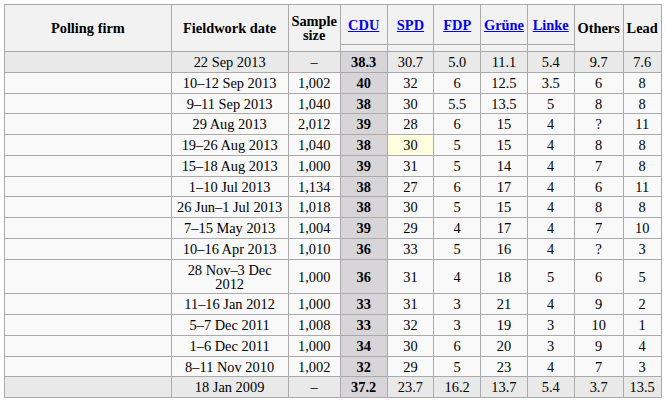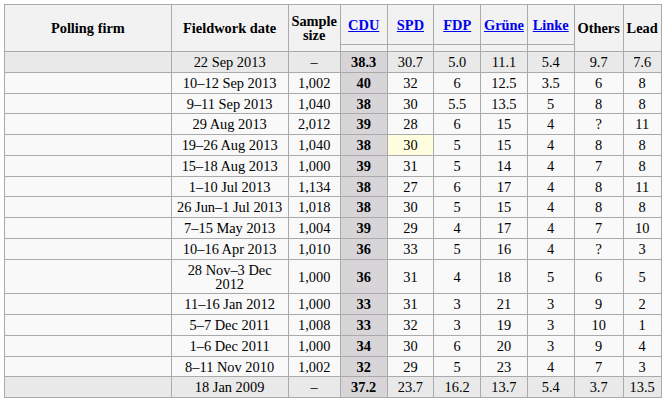 <table class="wikitable sortable" style="text-align:center;font-size:90%;line-height:14px;">
 <tr style="height:40px;">
 <th style="width:160px;" rowspan="2">Polling firm</th>
 <th style="width:110px;" rowspan="2">Fieldwork date</th>
 <th style="width:35px;" rowspan="2">Sample<br>size</th>
 <th class="unsortable" style="width:40px;"><a href='#'>CDU</a></th>
 <th class="unsortable" style="width:40px;"><a href='#'>SPD</a></th>
 <th class="unsortable" style="width:40px;"><a href='#'>FDP</a></th>
 <th class="unsortable" style="width:40px;"><a href='#'>Grüne</a></th>
 <th class="unsortable" style="width:40px;"><a href='#'>Linke</a></th>
 <th class="unsortable" style="width:40px;" rowspan="2">Others</th>
 <th style="width:30px;" rowspan="2">Lead</th>
 </tr>
 <tr>
 <th style="background:"></th>
 <th style="background:"></th>
 <th style="background:"></th>
 <th style="background:"></th>
 <th style="background:"></th>
 </tr>
 <tr style="background:#E9E9E9;">
 <td></td>
 <td data-sort-value="2013-09-22">22 Sep 2013</td>
 <td>–</td>
 <td style="background:#D7D5D7;"><strong>38.3</strong></td>
 <td>30.7</td>
 <td>5.0</td>
 <td>11.1</td>
 <td>5.4</td>
 <td>9.7</td>
 <td style="background:">7.6</td>
 </tr>
 <tr>
 <td></td>
 <td data-sort-value="2013-09-12">10–12 Sep 2013</td>
 <td>1,002</td>
 <td style="background:#D7D5D7;"><strong>40</strong></td>
 <td>32</td>
 <td>6</td>
 <td>12.5</td>
 <td>3.5</td>
 <td>6</td>
 <td style="background:">8</td>
 </tr>
 <tr>
 <td></td>
 <td data-sort-value="2013-09-12">9–11 Sep 2013</td>
 <td>1,040</td>
 <td style="background:#D7D5D7;"><strong>38</strong></td>
 <td>30</td>
 <td>5.5</td>
 <td>13.5</td>
 <td>5</td>
 <td>8</td>
 <td style="background:">8</td>
 </tr>
 <tr>
 <td></td>
 <td data-sort-value="2013-09-03">29 Aug 2013</td>
 <td>2,012</td>
 <td style="background:#D7D5D7;"><strong>39</strong></td>
 <td>28</td>
 <td>6</td>
 <td>15</td>
 <td>4</td>
 <td>?</td>
 <td style="background:">11</td>
 </tr>
 <tr>
 <td></td>
 <td data-sort-value="2013-08-28">19–26 Aug 2013</td>
 <td>1,040</td>
 <td style="background:#D7D5D7;"><strong>38</strong></td>
 <td style="background: lightyellow;">30</td>
 <td>5</td>
 <td>15</td>
 <td>4</td>
 <td>8</td>
 <td style="background:">8</td>
 </tr>
 <tr>
 <td></td>
 <td data-sort-value="2013-08-21">15–18 Aug 2013</td>
 <td>1,000</td>
 <td style="background:#D7D5D7;"><strong>39</strong></td>
 <td>31</td>
 <td>5</td>
 <td>14</td>
 <td>4</td>
 <td>7</td>
 <td style="background:">8</td>
 </tr>
 <tr>
 <td></td>
 <td data-sort-value="2013-07-17">1–10 Jul 2013</td>
 <td>1,134</td>
 <td style="background:#D7D5D7;"><strong>38</strong></td>
 <td>27</td>
 <td>6</td>
 <td>17</td>
 <td>4</td>
-<td>6</td>
+<td>8</td>
 <td style="background:">11</td>
 </tr>
 <tr>
 <td></td>
 <td data-sort-value="2013-07-03">26 Jun–1 Jul 2013</td>
 <td>1,018</td>
 <td style="background:#D7D5D7;"><strong>38</strong></td>
 <td>30</td>
 <td>5</td>
 <td>15</td>
 <td>4</td>
 <td>8</td>
 <td style="background:">8</td>
 </tr>
 <tr>
 <td></td>
 <td data-sort-value="2013-05-21">7–15 May 2013</td>
 <td>1,004</td>
 <td style="background:#D7D5D7;"><strong>39</strong></td>
 <td>29</td>
 <td>4</td>
 <td>17</td>
 <td>4</td>
 <td>7</td>
 <td style="background:">10</td>
 </tr>
 <tr>
 <td></td>
 <td data-sort-value="2013-04-17">10–16 Apr 2013</td>
 <td>1,010</td>
 <td style="background:#D7D5D7;"><strong>36</strong></td>
 <td>33</td>
 <td>5</td>
 <td>16</td>
 <td>4</td>
 <td>?</td>
 <td style="background:">3</td>
 </tr>
 <tr>
 <td></td>
 <td data-sort-value="2012-12-05">28 Nov–3 Dec 2012</td>
 <td>1,000</td>
 <td style="background:#D7D5D7;"><strong>36</strong></td>
 <td>31</td>
 <td>4</td>
 <td>18</td>
 <td>5</td>
 <td>6</td>
 <td style="background:">5</td>
 </tr>
 <tr>
 <td></td>
 <td data-sort-value="2012-01-18">11–16 Jan 2012</td>
 <td>1,000</td>
 <td style="background:#D7D5D7;"><strong>33</strong></td>
 <td>31</td>
 <td>3</td>
 <td>21</td>
-<td>4</td>
+<td>3</td>
 <td>9</td>
 <td style="background:">2</td>
 </tr>
 <tr>
 <td></td>
 <td data-sort-value="2011-12-09">5–7 Dec 2011</td>
 <td>1,008</td>
 <td style="background:#D7D5D7;"><strong>33</strong></td>
 <td>32</td>
 <td>3</td>
 <td>19</td>
 <td>3</td>
 <td>10</td>
 <td style="background:">1</td>
 </tr>
 <tr>
 <td></td>
 <td data-sort-value="2011-12-08">1–6 Dec 2011</td>
 <td>1,000</td>
 <td style="background:#D7D5D7;"><strong>34</strong></td>
 <td>30</td>
 <td>6</td>
 <td>20</td>
 <td>3</td>
 <td>9</td>
 <td style="background:">4</td>
 </tr>
 <tr>
 <td></td>
 <td data-sort-value="2010-11-13">8–11 Nov 2010</td>
 <td>1,002</td>
 <td style="background:#D7D5D7;"><strong>32</strong></td>
 <td>29</td>
 <td>5</td>
 <td>23</td>
 <td>4</td>
 <td>7</td>
 <td style="background:">3</td>
 </tr>
 <tr style="background:#E9E9E9;">
 <td></td>
 <td data-sort-value="2009-01-18">18 Jan 2009</td>
 <td>–</td>
 <td style="background:#D7D5D7;"><strong>37.2</strong></td>
 <td>23.7</td>
 <td>16.2</td>
 <td>13.7</td>
 <td>5.4</td>
 <td>3.7</td>
 <td style="background:">13.5</td>
 </tr>
 </table>
